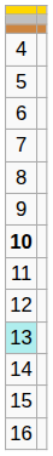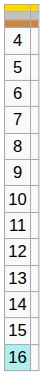 <table class="wikitable">
 <tr style="background:gold;">
 <td align=center></td>
 <td></td>
 </tr>
 <tr style="background:silver;">
 <td align=center></td>
 <td></td>
 </tr>
 <tr style="background:peru;">
 <td align=center></td>
 <td></td>
 </tr>
 <tr>
 <td align=center>4</td>
 <td></td>
 </tr>
 <tr>
 <td align=center>5</td>
 <td></td>
 </tr>
 <tr>
 <td align=center>6</td>
 <td></td>
 </tr>
 <tr>
 <td align=center>7</td>
 <td></td>
 </tr>
 <tr>
 <td align=center>8</td>
 <td></td>
 </tr>
 <tr>
 <td align=center>9</td>
 <td></td>
 </tr>
 <tr>
-<td align=center><strong>10</strong></td>
+<td align=center>10</td>
 <td></td>
 </tr>
 <tr>
 <td align=center>11</td>
 <td></td>
 </tr>
 <tr>
 <td align=center>12</td>
 <td></td>
 </tr>
 <tr>
-<td align=center style="background: paleturquoise;">13</td>
+<td align=center>13</td>
 <td></td>
 </tr>
 <tr>
 <td align=center>14</td>
 <td></td>
 </tr>
 <tr>
 <td align=center>15</td>
 <td></td>
 </tr>
 <tr>
-<td align=center>16</td>
+<td align=center style="background: paleturquoise;">16</td>
 <td></td>
 </tr>
 </table>
